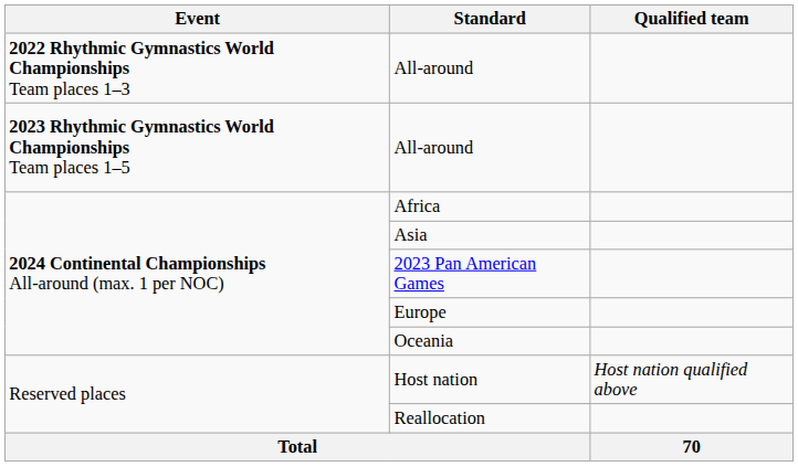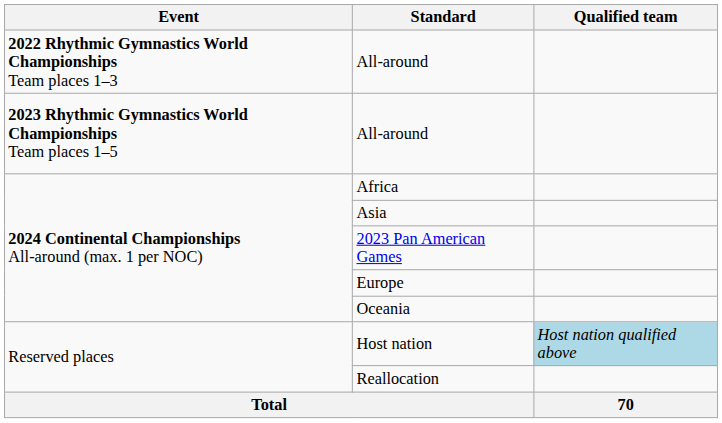 <table class="wikitable" style="width:700px;">
 <tr>
 <th>Event</th>
 <th>Standard</th>
 <th>Qualified team</th>
 </tr>
 <tr>
 <td><strong>2022 Rhythmic Gymnastics World Championships</strong><br>Team places 1–3</td>
 <td>All-around</td>
 <td><br><br></td>
 </tr>
 <tr>
 <td><strong>2023 Rhythmic Gymnastics World Championships</strong><br>Team places 1–5</td>
 <td>All-around<br> </td>
 <td><br><br><br><br></td>
 </tr>
 <tr>
 <td rowspan="5"><strong>2024 Continental Championships</strong><br>All-around (max. 1 per NOC)</td>
 <td>Africa</td>
 <td></td>
 </tr>
 <tr>
 <td>Asia</td>
 <td></td>
 </tr>
 <tr>
 <td><a href='#'>2023 Pan American Games</a></td>
 <td></td>
 </tr>
 <tr>
 <td>Europe</td>
 <td></td>
 </tr>
 <tr>
 <td>Oceania</td>
 <td></td>
 </tr>
 <tr>
 <td rowspan=2>Reserved places</td>
 <td>Host nation</td>
-<td><em>Host nation qualified above</em></td>
+<td style="background: lightblue;"><em>Host nation qualified above</em></td>
 </tr>
 <tr>
 <td>Reallocation</td>
 <td></td>
 </tr>
 <tr>
 <th colspan="2">Total</th>
 <th>70</th>
 </tr>
 </table>
